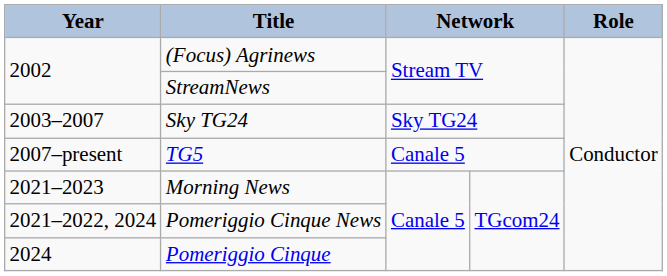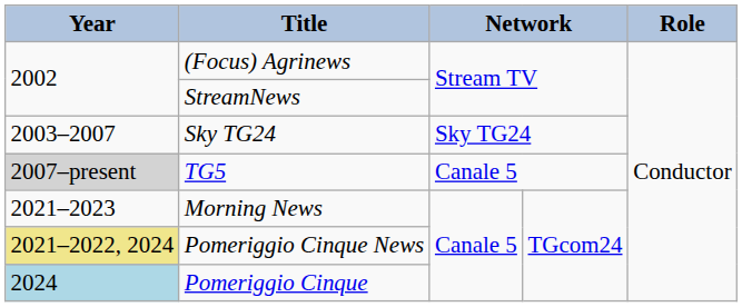 <table class="wikitable" border="2" cellpadding="4">
 <tr>
 <th style="background:#B0C4DE;">Year</th>
 <th style="background:#B0C4DE;">Title</th>
 <th colspan="2" style="background:#B0C4DE;">Network</th>
 <th style="background:#B0C4DE;">Role</th>
 </tr>
 <tr>
 <td rowspan="2">2002</td>
 <td><em>(Focus) Agrinews</em></td>
 <td colspan="2" rowspan="2"><a href='#'>Stream TV</a></td>
 <td rowspan="7">Conductor</td>
 </tr>
 <tr>
 <td><em>StreamNews</em></td>
 </tr>
 <tr>
 <td>2003–2007</td>
 <td><em>Sky TG24</em></td>
 <td colspan="2"><a href='#'>Sky TG24</a></td>
 </tr>
 <tr>
-<td>2007–present</td>
+<td style="background: lightgrey;">2007–present</td>
 <td><em><a href='#'>TG5</a></em></td>
 <td colspan="2"><a href='#'>Canale 5</a></td>
 </tr>
 <tr>
 <td>2021–2023</td>
 <td><em>Morning News</em></td>
 <td rowspan="3"><a href='#'>Canale 5</a></td>
 <td rowspan="3"><a href='#'>TGcom24</a></td>
 </tr>
 <tr>
-<td>2021–2022, 2024</td>
+<td style="background: khaki;">2021–2022, 2024</td>
 <td><em>Pomeriggio Cinque News</em></td>
 </tr>
 <tr>
-<td>2024</td>
+<td style="background: lightblue;">2024</td>
 <td><em><a href='#'>Pomeriggio Cinque</a></em></td>
 </tr>
 </table>
